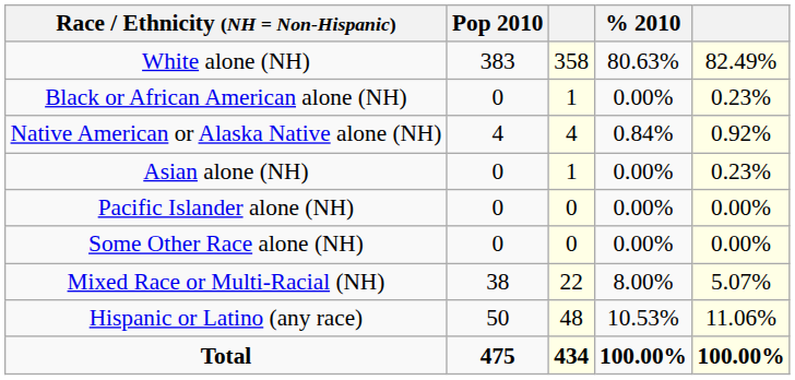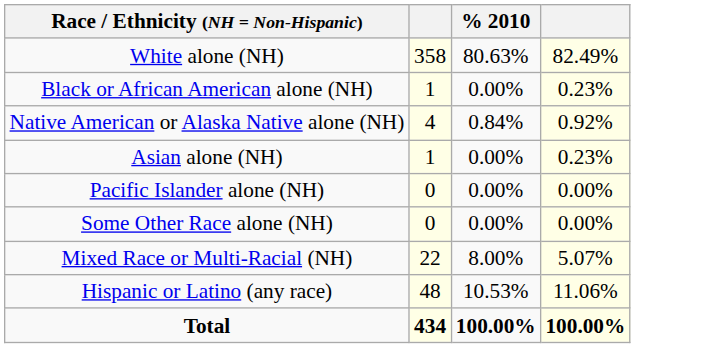 <table class="wikitable" style="text-align:center;">
 <tr>
 <th>Race / Ethnicity <small>(<em>NH = Non-Hispanic</em>)</small></th>
-<th>Pop 2010</th>
 <th></th>
 <th>% 2010</th>
 <th></th>
 </tr>
 <tr>
 <td><a href='#'>White</a> alone (NH)</td>
-<td>383</td>
 <td style='background: #ffffe6;'>358</td>
 <td>80.63%</td>
 <td style='background: #ffffe6;'>82.49%</td>
 </tr>
 <tr>
 <td><a href='#'>Black or African American</a> alone (NH)</td>
-<td>0</td>
 <td style='background: #ffffe6;'>1</td>
 <td>0.00%</td>
 <td style='background: #ffffe6;'>0.23%</td>
 </tr>
 <tr>
 <td><a href='#'>Native American</a> or <a href='#'>Alaska Native</a> alone (NH)</td>
-<td>4</td>
 <td style='background: #ffffe6;'>4</td>
 <td>0.84%</td>
 <td style='background: #ffffe6;'>0.92%</td>
 </tr>
 <tr>
 <td><a href='#'>Asian</a> alone (NH)</td>
-<td>0</td>
 <td style='background: #ffffe6;'>1</td>
 <td>0.00%</td>
 <td style='background: #ffffe6;'>0.23%</td>
 </tr>
 <tr>
 <td><a href='#'>Pacific Islander</a> alone (NH)</td>
-<td>0</td>
 <td style='background: #ffffe6;'>0</td>
 <td>0.00%</td>
 <td style='background: #ffffe6;'>0.00%</td>
 </tr>
 <tr>
 <td><a href='#'>Some Other Race</a> alone (NH)</td>
-<td>0</td>
 <td style='background: #ffffe6;'>0</td>
 <td>0.00%</td>
 <td style='background: #ffffe6;'>0.00%</td>
 </tr>
 <tr>
 <td><a href='#'>Mixed Race or Multi-Racial</a> (NH)</td>
-<td>38</td>
 <td style='background: #ffffe6;'>22</td>
 <td>8.00%</td>
 <td style='background: #ffffe6;'>5.07%</td>
 </tr>
 <tr>
 <td><a href='#'>Hispanic or Latino</a> (any race)</td>
-<td>50</td>
 <td style='background: #ffffe6;'>48</td>
 <td>10.53%</td>
 <td style='background: #ffffe6;'>11.06%</td>
 </tr>
 <tr>
 <td><strong>Total</strong></td>
-<td><strong>475</strong></td>
 <td style='background: #ffffe6;'><strong>434</strong></td>
 <td><strong>100.00%</strong></td>
 <td style='background: #ffffe6;'><strong>100.00%</strong></td>
 </tr>
 </table>
